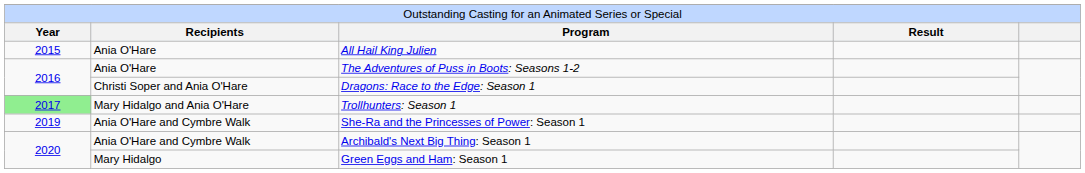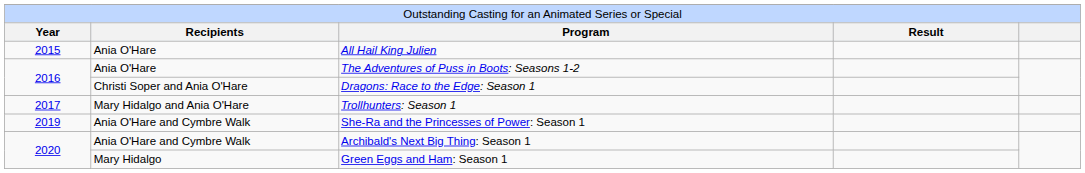 <table class="wikitable plainrowheaders" style="font-size: 90%" width=85%>
 <tr>
 </tr>
 <tr ---- bgcolor="#bfd7ff">
 <td colspan=6 align=center>Outstanding Casting for an Animated Series or Special</td>
 </tr>
 <tr ---- bgcolor="#ebf5ff">
 <th scope="col" style="width:7%;">Year</th>
 <th scope="col" style="width:20%;">Recipients</th>
 <th scope="col" style="width:40%;">Program</th>
 <th scope="col" style="width:15%;">Result</th>
 <th scope="col" class="unsortable" style="width:5%;"></th>
 </tr>
 <tr>
 <td style="text-align:center;"><a href='#'>2015</a></td>
 <td>Ania O'Hare</td>
 <td><em><a href='#'>All Hail King Julien</a></em></td>
 <td></td>
 <td style="text-align:center;"></td>
 </tr>
 <tr>
 <td rowspan="2" style="text-align:center;"><a href='#'>2016</a></td>
 <td>Ania O'Hare</td>
 <td><em><a href='#'>The Adventures of Puss in Boots</a>: Seasons 1-2</em></td>
 <td></td>
 <td rowspan="2" style="text-align:center;"></td>
 </tr>
 <tr>
 <td>Christi Soper and Ania O'Hare</td>
 <td><em><a href='#'>Dragons: Race to the Edge</a>: Season 1</em></td>
 <td></td>
 </tr>
 <tr>
-<td style="background: lightgreen; text-align:center;"><a href='#'>2017</a></td>
+<td style="text-align:center;"><a href='#'>2017</a></td>
 <td>Mary Hidalgo and Ania O'Hare</td>
 <td><em><a href='#'>Trollhunters</a>: Season 1</em></td>
 <td></td>
 <td style="text-align:center;"></td>
 </tr>
 <tr>
 <td style="text-align:center;"><a href='#'>2019</a></td>
 <td>Ania O'Hare and Cymbre Walk</td>
 <td><a href='#'>She-Ra and the Princesses of Power</a>: Season 1</td>
 <td></td>
 <td></td>
 </tr>
 <tr>
 <td rowspan="2" style="text-align:center;"><a href='#'>2020</a></td>
 <td>Ania O'Hare and Cymbre Walk</td>
 <td><a href='#'>Archibald's Next Big Thing</a>: Season 1</td>
 <td></td>
 <td rowspan="2"></td>
 </tr>
 <tr>
 <td>Mary Hidalgo</td>
 <td><a href='#'>Green Eggs and Ham</a>: Season 1</td>
 <td></td>
 </tr>
 </table>
